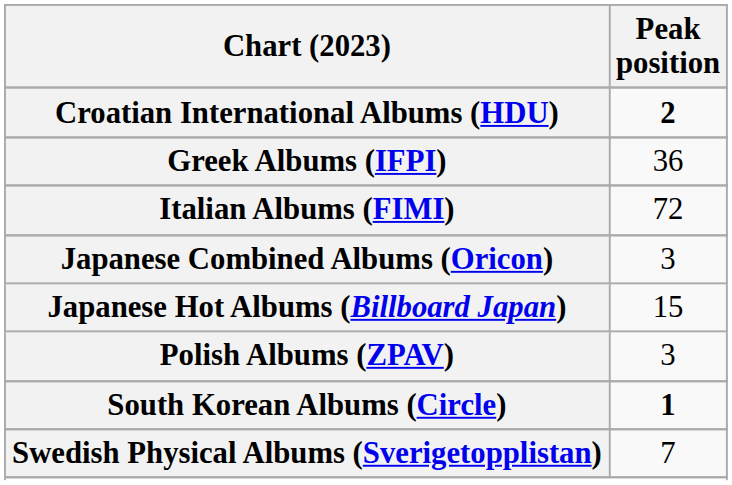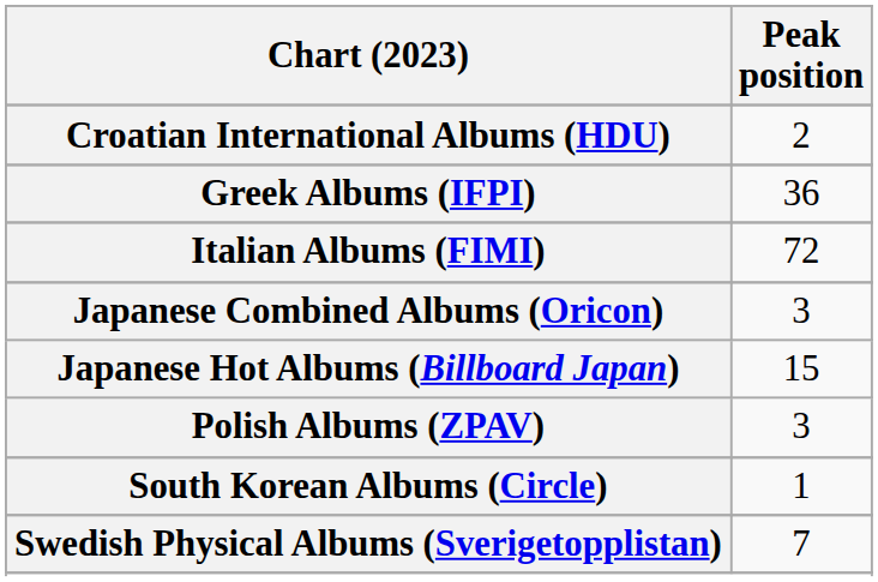 <table class="wikitable sortable plainrowheaders" style="text-align:center;">
 <tr>
 <th scope="col">Chart (2023)</th>
 <th scope="col">Peak<br>position</th>
 </tr>
 <tr>
 </tr>
 <tr>
 </tr>
 <tr>
 </tr>
 <tr>
 </tr>
 <tr>
 <th scope="row">Croatian International Albums (<a href='#'>HDU</a>)</th>
-<td><strong>2</strong></td>
+<td>2</td>
 </tr>
 <tr>
 </tr>
 <tr>
 </tr>
 <tr>
 </tr>
 <tr>
 <th scope="row">Greek Albums (<a href='#'>IFPI</a>)</th>
 <td>36</td>
 </tr>
 <tr>
 </tr>
 <tr>
 <th scope="row">Italian Albums (<a href='#'>FIMI</a>)</th>
 <td>72</td>
 </tr>
 <tr>
 </tr>
 <tr>
 <th scope="row">Japanese Combined Albums (<a href='#'>Oricon</a>)</th>
 <td>3</td>
 </tr>
 <tr>
 <th scope="row">Japanese Hot Albums (<em><a href='#'>Billboard Japan</a></em>)</th>
 <td>15</td>
 </tr>
 <tr>
 <th scope="row">Polish Albums (<a href='#'>ZPAV</a>)</th>
 <td>3</td>
 </tr>
 <tr>
 </tr>
 <tr>
 <th scope="row">South Korean Albums (<a href='#'>Circle</a>)</th>
-<td><strong>1</strong></td>
+<td>1</td>
 </tr>
 <tr>
 </tr>
 <tr>
 <th scope="row">Swedish Physical Albums (<a href='#'>Sverigetopplistan</a>)</th>
 <td>7</td>
 </tr>
 <tr>
 </tr>
 <tr>
 </tr>
 <tr>
 </tr>
 <tr>
 </tr>
 </table>
